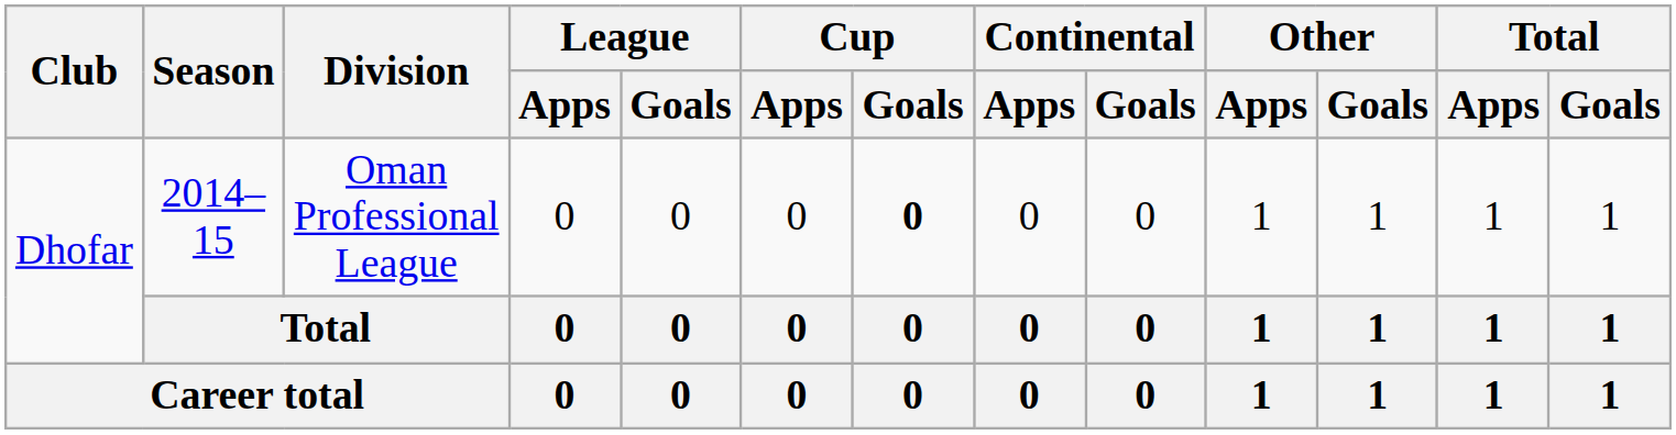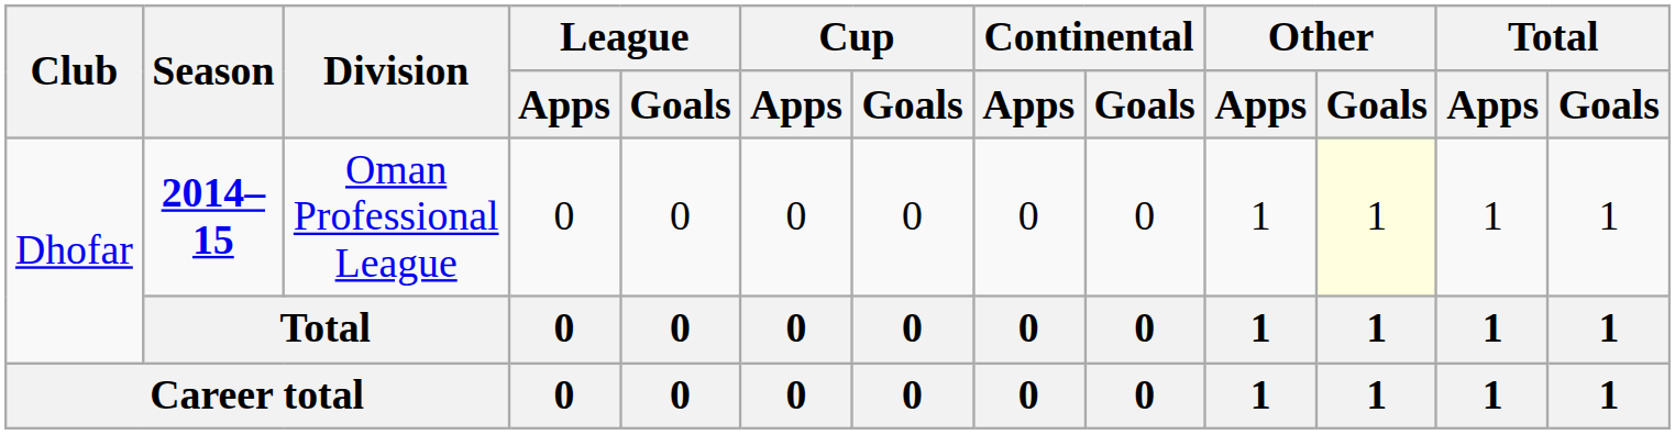 <table class="wikitable" style="text-align: center;">
 <tr>
 <th rowspan="2">Club</th>
 <th rowspan="2">Season</th>
 <th rowspan="2">Division</th>
 <th colspan="2">League</th>
 <th colspan="2">Cup</th>
 <th colspan="2">Continental</th>
 <th colspan="2">Other</th>
 <th colspan="2">Total</th>
 </tr>
 <tr>
 <th>Apps</th>
 <th>Goals</th>
 <th>Apps</th>
 <th>Goals</th>
 <th>Apps</th>
 <th>Goals</th>
 <th>Apps</th>
 <th>Goals</th>
 <th>Apps</th>
 <th>Goals</th>
 </tr>
 <tr>
 <td rowspan="2"><a href='#'>Dhofar</a></td>
-<td><a href='#'>2014–15</a></td>
+<td><strong><a href='#'>2014–15</a></strong></td>
 <td rowspan="1"><a href='#'>Oman Professional League</a></td>
 <td>0</td>
 <td>0</td>
 <td>0</td>
-<td><strong>0</strong></td>
+<td>0</td>
 <td>0</td>
 <td>0</td>
 <td>1</td>
-<td>1</td>
+<td style="background: lightyellow;">1</td>
 <td>1</td>
 <td>1</td>
 </tr>
 <tr>
 <th colspan="2">Total</th>
 <th>0</th>
 <th>0</th>
 <th>0</th>
 <th>0</th>
 <th>0</th>
 <th>0</th>
 <th>1</th>
 <th>1</th>
 <th>1</th>
 <th>1</th>
 </tr>
 <tr>
 <th colspan="3">Career total</th>
 <th>0</th>
 <th>0</th>
 <th>0</th>
 <th>0</th>
 <th>0</th>
 <th>0</th>
 <th>1</th>
 <th>1</th>
 <th>1</th>
 <th>1</th>
 </tr>
 </table>
